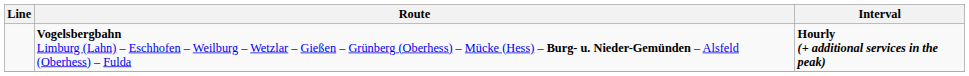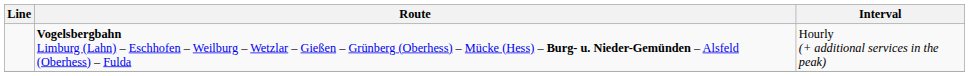 <table class="wikitable">
 <tr>
 <th>Line</th>
 <th>Route</th>
 <th>Interval</th>
 </tr>
 <tr>
 <td></td>
 <td><strong>Vogelsbergbahn</strong><br><a href='#'>Limburg (Lahn)</a> – <a href='#'>Eschhofen</a> – <a href='#'>Weilburg</a> – <a href='#'>Wetzlar</a> – <a href='#'>Gießen</a> – <a href='#'>Grünberg (Oberhess)</a> – <a href='#'>Mücke (Hess)</a> – <strong>Burg- u. Nieder-Gemünden</strong> – <a href='#'>Alsfeld (Oberhess)</a>  – <a href='#'>Fulda</a></td>
-<td><strong>Hourly<br> <em>(+ additional services in the peak)</em></strong></td>
+<td>Hourly<br> <em>(+ additional services in the peak)</em></td>
 </tr>
 <tr>
 </tr>
 </table>
